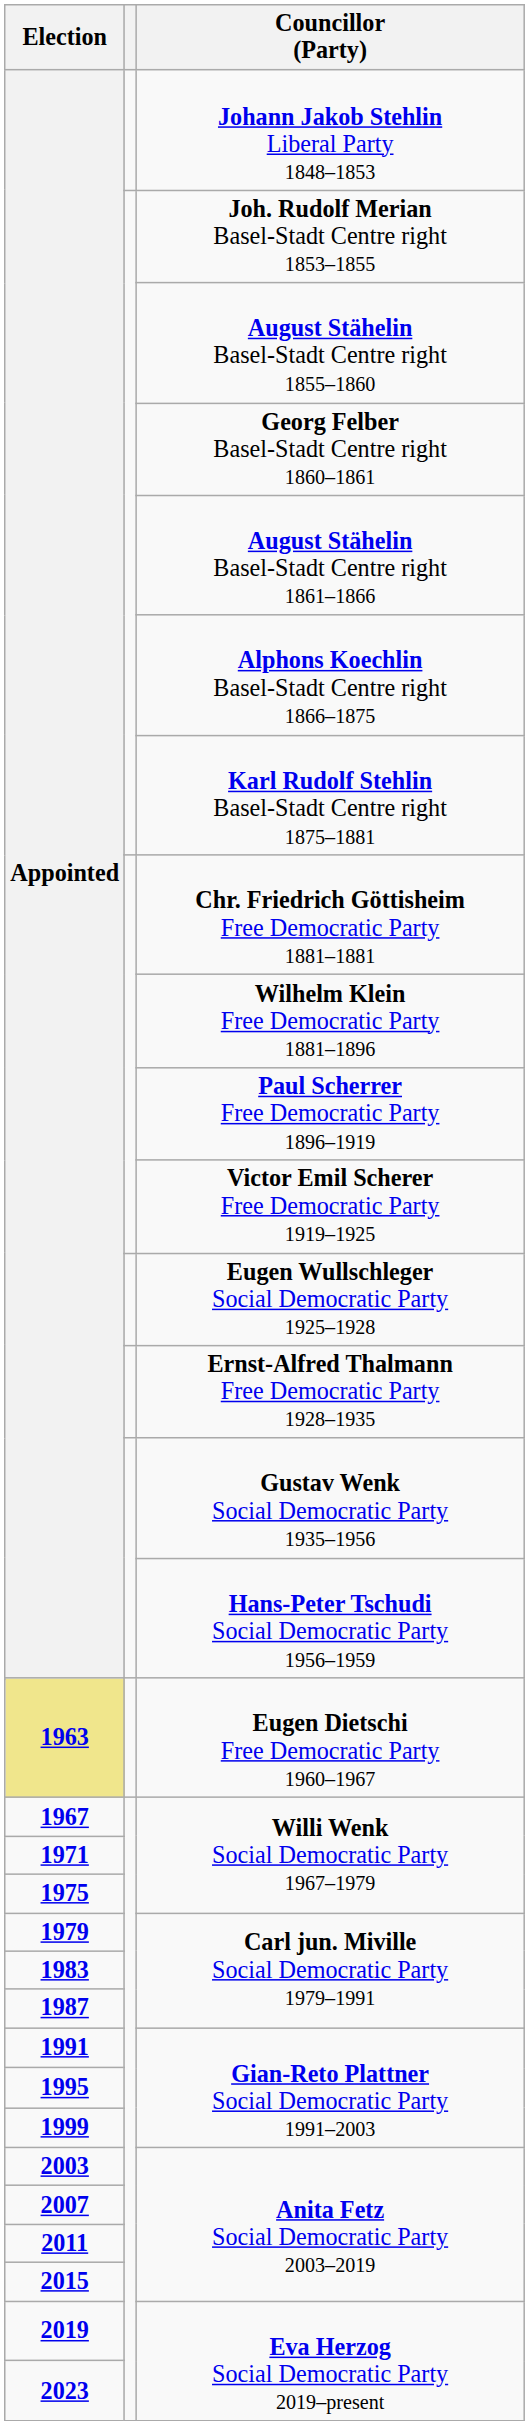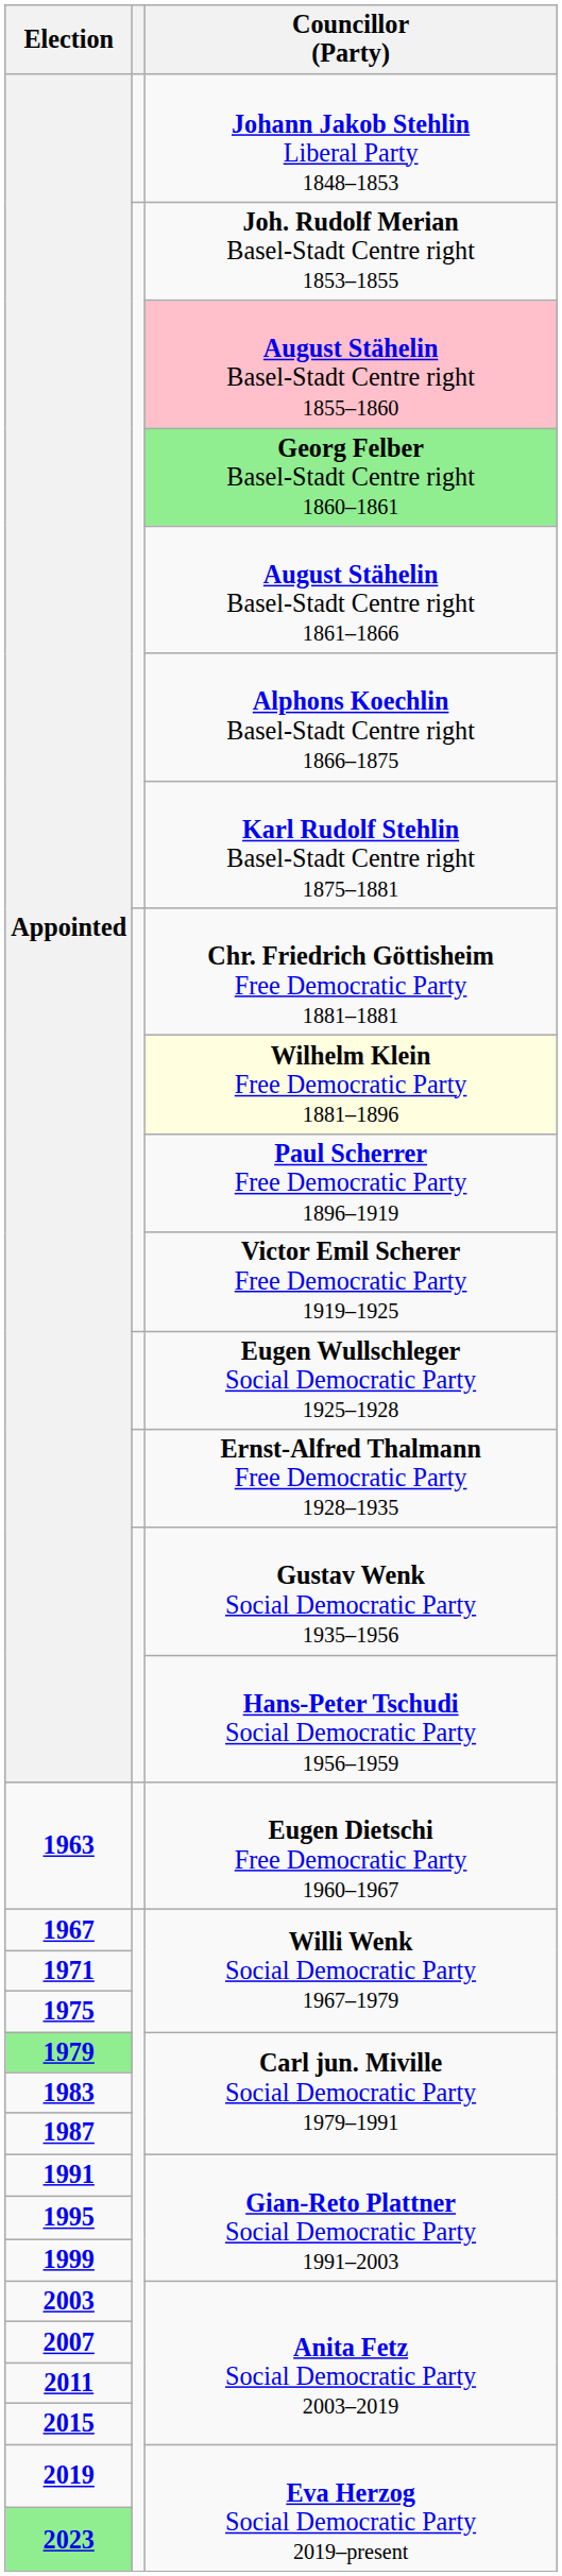 <table class="wikitable" style="text-align:center">
 <tr>
 <th>Election</th>
 <th></th>
 <th scope="col" width="250" colspan = "1">Councillor<br> (Party)</th>
 </tr>
 <tr>
 <th rowspan=16>Appointed</th>
 <td rowspan=1; style="background-color: "></td>
 <td rowspan=1><br><strong><a href='#'>Johann Jakob Stehlin</a></strong><br><a href='#'>Liberal Party</a><br><small>1848–1853</small></td>
 </tr>
 <tr>
 <td rowspan=6; style="background-color: "></td>
 <td rowspan=1><strong>Joh. Rudolf Merian</strong><br>Basel-Stadt Centre right<br><small>1853–1855</small></td>
 </tr>
 <tr>
-<td rowspan=1><br><strong><a href='#'>August Stähelin</a></strong><br>Basel-Stadt Centre right<br><small>1855–1860</small></td>
+<td rowspan=1 style="background: pink;"><br><strong><a href='#'>August Stähelin</a></strong><br>Basel-Stadt Centre right<br><small>1855–1860</small></td>
 </tr>
 <tr>
-<td rowspan=1><strong>Georg Felber</strong><br>Basel-Stadt Centre right<br><small>1860–1861</small></td>
+<td rowspan=1 style="background: lightgreen;"><strong>Georg Felber</strong><br>Basel-Stadt Centre right<br><small>1860–1861</small></td>
 </tr>
 <tr>
 <td rowspan=1><br><strong><a href='#'>August Stähelin</a></strong><br>Basel-Stadt Centre right<br><small>1861–1866</small></td>
 </tr>
 <tr>
 <td rowspan=1><br><strong><a href='#'>Alphons Koechlin</a></strong><br>Basel-Stadt Centre right<br><small>1866–1875</small></td>
 </tr>
 <tr>
 <td rowspan=1><br><strong><a href='#'>Karl Rudolf Stehlin</a></strong><br>Basel-Stadt Centre right<br><small>1875–1881</small></td>
 </tr>
 <tr>
 <td rowspan=4; style="background-color: "></td>
 <td rowspan=1><br><strong>Chr. Friedrich Göttisheim</strong><br><a href='#'>Free Democratic Party</a><br><small>1881–1881</small></td>
 </tr>
 <tr>
-<td rowspan=1><strong>Wilhelm Klein</strong><br><a href='#'>Free Democratic Party</a><br><small>1881–1896</small></td>
+<td rowspan=1 style="background: lightyellow;"><strong>Wilhelm Klein</strong><br><a href='#'>Free Democratic Party</a><br><small>1881–1896</small></td>
 </tr>
 <tr>
 <td rowspan=1><strong><a href='#'>Paul Scherrer</a></strong><br><a href='#'>Free Democratic Party</a><br><small>1896–1919</small></td>
 </tr>
 <tr>
 <td rowspan=1><strong>Victor Emil Scherer</strong><br><a href='#'>Free Democratic Party</a><br><small>1919–1925</small></td>
 </tr>
 <tr>
 <td rowspan=1; style="background-color: "></td>
 <td rowspan=1><strong>Eugen Wullschleger</strong><br><a href='#'>Social Democratic Party</a><br><small>1925–1928</small></td>
 </tr>
 <tr>
 <td rowspan=1; style="background-color: "></td>
 <td rowspan=1><strong>Ernst-Alfred Thalmann</strong><br><a href='#'>Free Democratic Party</a><br><small>1928–1935</small></td>
 </tr>
 <tr>
 <td rowspan=2; style="background-color: "></td>
 <td rowspan=1><br><strong>Gustav Wenk</strong><br><a href='#'>Social Democratic Party</a><br><small>1935–1956</small></td>
 </tr>
 <tr>
 <td rowspan=1><br><strong><a href='#'>Hans-Peter Tschudi</a></strong><br><a href='#'>Social Democratic Party</a><br><small>1956–1959</small></td>
 </tr>
 <tr>
 <td rowspan=2; style="background-color: "></td>
 <td rowspan=2><br><strong>Eugen Dietschi</strong><br><a href='#'>Free Democratic Party</a><br><small>1960–1967</small></td>
 </tr>
 <tr>
-<td style="background: khaki;"><strong><a href='#'>1963</a></strong></td>
+<td><strong><a href='#'>1963</a></strong></td>
 </tr>
 <tr>
 <td><strong><a href='#'>1967</a></strong></td>
 <td rowspan=17; style="background-color: "></td>
 <td rowspan=3><strong>Willi Wenk</strong><br><a href='#'>Social Democratic Party</a><br><small>1967–1979</small></td>
 </tr>
 <tr>
 <td><strong><a href='#'>1971</a></strong></td>
 </tr>
 <tr>
 <td><strong><a href='#'>1975</a></strong></td>
 </tr>
 <tr>
-<td><strong><a href='#'>1979</a></strong></td>
+<td style="background: lightgreen;"><strong><a href='#'>1979</a></strong></td>
 <td rowspan=3><strong>Carl jun. Miville</strong><br><a href='#'>Social Democratic Party</a><br><small>1979–1991</small></td>
 </tr>
 <tr>
 <td><strong><a href='#'>1983</a></strong></td>
 </tr>
 <tr>
 <td><strong><a href='#'>1987</a></strong></td>
 </tr>
 <tr>
 <td><strong><a href='#'>1991</a></strong></td>
 <td rowspan=3><br><strong><a href='#'>Gian-Reto Plattner</a></strong><br><a href='#'>Social Democratic Party</a><br><small>1991–2003</small></td>
 </tr>
 <tr>
 <td><strong><a href='#'>1995</a></strong></td>
 </tr>
 <tr>
 <td><strong><a href='#'>1999</a></strong></td>
 </tr>
 <tr>
 <td><strong><a href='#'>2003</a></strong></td>
 <td rowspan=4><br><strong><a href='#'>Anita Fetz</a></strong><br><a href='#'>Social Democratic Party</a><br><small>2003–2019</small></td>
 </tr>
 <tr>
 <td><strong><a href='#'>2007</a></strong></td>
 </tr>
 <tr>
 <td><strong><a href='#'>2011</a></strong></td>
 </tr>
 <tr>
 <td><strong><a href='#'>2015</a></strong></td>
 </tr>
 <tr>
 <td><strong><a href='#'>2019</a></strong></td>
 <td rowspan=2><br><strong><a href='#'>Eva Herzog</a></strong><br><a href='#'>Social Democratic Party</a><br><small>2019–present</small></td>
 </tr>
 <tr>
-<td><strong><a href='#'>2023</a></strong></td>
+<td style="background: lightgreen;"><strong><a href='#'>2023</a></strong></td>
 </tr>
 </table>
